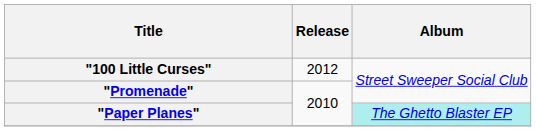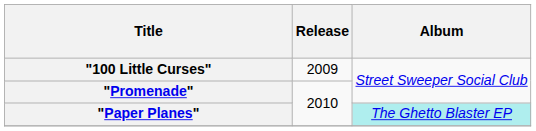 <table class="wikitable plainrowheaders" style="text-align:center;">
 <tr>
 <th scope="col" rowspan="1" style="width:20em;"><br>Title<br><br></th>
 <th scope="col" rowspan="1">Release</th>
 <th scope="col" rowspan="1">Album</th>
 </tr>
 <tr>
 <th scope="row">"100 Little Curses"</th>
-<td>2012</td>
+<td>2009</td>
 <td rowspan= "2"><em><a href='#'>Street Sweeper Social Club</a></em></td>
 </tr>
 <tr>
 <th scope="row">"<a href='#'>Promenade</a>"</th>
 <td rowspan= "2">2010</td>
 </tr>
 <tr>
 <th scope="row">"<a href='#'>Paper Planes</a>"</th>
 <td style="background: paleturquoise;"><em><a href='#'>The Ghetto Blaster EP</a></em></td>
 </tr>
 <tr>
 </tr>
 </table>
